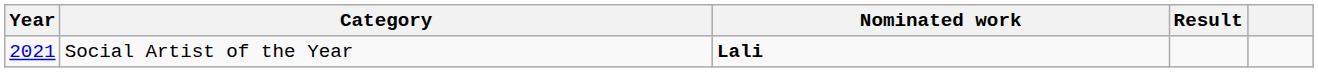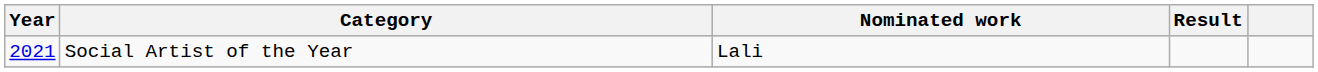 <table class="wikitable plainrowheaders" style="width:70%;">
 <tr>
 <th scope="col" style="width:4%;">Year</th>
 <th scope="col" style="width:50%;">Category</th>
 <th scope="col" style="width:35%;">Nominated work</th>
 <th scope="col" style="width:6%;">Result</th>
 <th scope="col" style="width:6%;"></th>
 </tr>
 <tr>
 <td rowspan="3" align=center><a href='#'>2021</a></td>
 <td>Social Artist of the Year</td>
-<td><strong>Lali</strong></td>
+<td>Lali</td>
 <td></td>
 <td align=center></td>
 </tr>
 </table>
